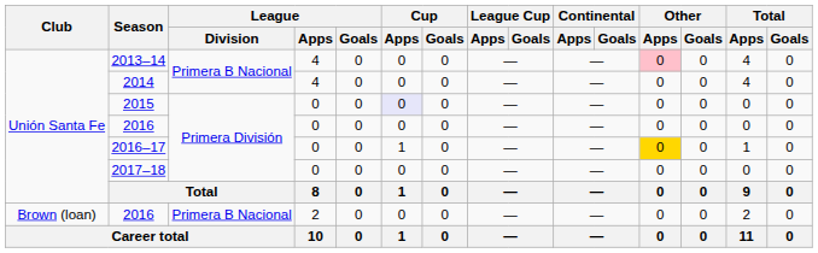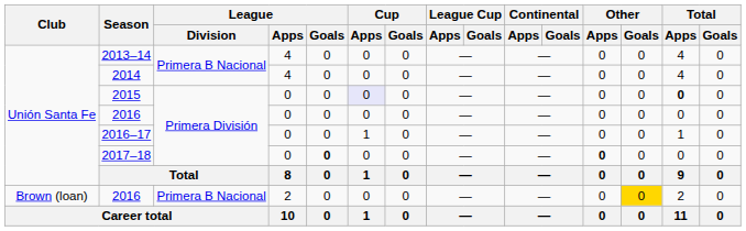 <table class="wikitable" style="text-align:center">
 <tr>
 <th rowspan="2">Club</th>
 <th rowspan="2">Season</th>
 <th colspan="3">League</th>
 <th colspan="2">Cup</th>
 <th colspan="2">League Cup</th>
 <th colspan="2">Continental</th>
 <th colspan="2">Other</th>
 <th colspan="2">Total</th>
 </tr>
 <tr>
 <th>Division</th>
 <th>Apps</th>
 <th>Goals</th>
 <th>Apps</th>
 <th>Goals</th>
 <th>Apps</th>
 <th>Goals</th>
 <th>Apps</th>
 <th>Goals</th>
 <th>Apps</th>
 <th>Goals</th>
 <th>Apps</th>
 <th>Goals</th>
 </tr>
 <tr>
 <td rowspan="7"><a href='#'>Unión Santa Fe</a></td>
 <td><a href='#'>2013–14</a></td>
 <td rowspan="2"><a href='#'>Primera B Nacional</a></td>
 <td>4</td>
 <td>0</td>
 <td>0</td>
 <td>0</td>
 <td colspan="2">—</td>
 <td colspan="2">—</td>
-<td style="background: pink;">0</td>
+<td>0</td>
 <td>0</td>
 <td>4</td>
 <td>0</td>
 </tr>
 <tr>
 <td><a href='#'>2014</a></td>
 <td>4</td>
 <td>0</td>
 <td>0</td>
 <td>0</td>
 <td colspan="2">—</td>
 <td colspan="2">—</td>
 <td>0</td>
 <td>0</td>
 <td>4</td>
 <td>0</td>
 </tr>
 <tr>
 <td><a href='#'>2015</a></td>
 <td rowspan="4"><a href='#'>Primera División</a></td>
 <td>0</td>
 <td>0</td>
 <td style="background: lavender;">0</td>
 <td>0</td>
 <td colspan="2">—</td>
 <td colspan="2">—</td>
 <td>0</td>
 <td>0</td>
-<td>0</td>
+<td><strong>0</strong></td>
 <td>0</td>
 </tr>
 <tr>
 <td><a href='#'>2016</a></td>
 <td>0</td>
 <td>0</td>
 <td>0</td>
 <td>0</td>
 <td colspan="2">—</td>
 <td colspan="2">—</td>
 <td>0</td>
 <td>0</td>
 <td>0</td>
 <td>0</td>
 </tr>
 <tr>
 <td><a href='#'>2016–17</a></td>
 <td>0</td>
 <td>0</td>
 <td>1</td>
 <td>0</td>
 <td colspan="2">—</td>
 <td colspan="2">—</td>
-<td style="background: gold;">0</td>
+<td>0</td>
 <td>0</td>
 <td>1</td>
 <td>0</td>
 </tr>
 <tr>
 <td><a href='#'>2017–18</a></td>
 <td>0</td>
-<td>0</td>
+<td><strong>0</strong></td>
 <td>0</td>
 <td>0</td>
 <td colspan="2">—</td>
 <td colspan="2">—</td>
-<td>0</td>
+<td><strong>0</strong></td>
 <td>0</td>
 <td>0</td>
 <td>0</td>
 </tr>
 <tr>
 <th colspan="2">Total</th>
 <th>8</th>
 <th>0</th>
 <th>1</th>
 <th>0</th>
 <th colspan="2">—</th>
 <th colspan="2">—</th>
 <th>0</th>
 <th>0</th>
 <th>9</th>
 <th>0</th>
 </tr>
 <tr>
 <td rowspan="1"><a href='#'>Brown</a> (loan)</td>
 <td><a href='#'>2016</a></td>
 <td rowspan="1"><a href='#'>Primera B Nacional</a></td>
 <td>2</td>
 <td>0</td>
 <td>0</td>
 <td>0</td>
 <td colspan="2">—</td>
 <td colspan="2">—</td>
 <td>0</td>
-<td>0</td>
+<td style="background: gold;">0</td>
 <td>2</td>
 <td>0</td>
 </tr>
 <tr>
 <th colspan="3">Career total</th>
 <th>10</th>
 <th>0</th>
 <th>1</th>
 <th>0</th>
 <th colspan="2">—</th>
 <th colspan="2">—</th>
 <th>0</th>
 <th>0</th>
 <th>11</th>
 <th>0</th>
 </tr>
 </table>
